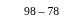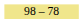 <table style="text-align:center">
 <tr>
 <th width=200></th>
 <th width=100></th>
 <th width=200></th>
 <th></th>
 </tr>
 <tr>
 <td align=right><strong></strong></td>
-<td>98 – 78</td>
+<td style="background: khaki;">98 – 78</td>
 <td align=left></td>
 </tr>
 </table>
